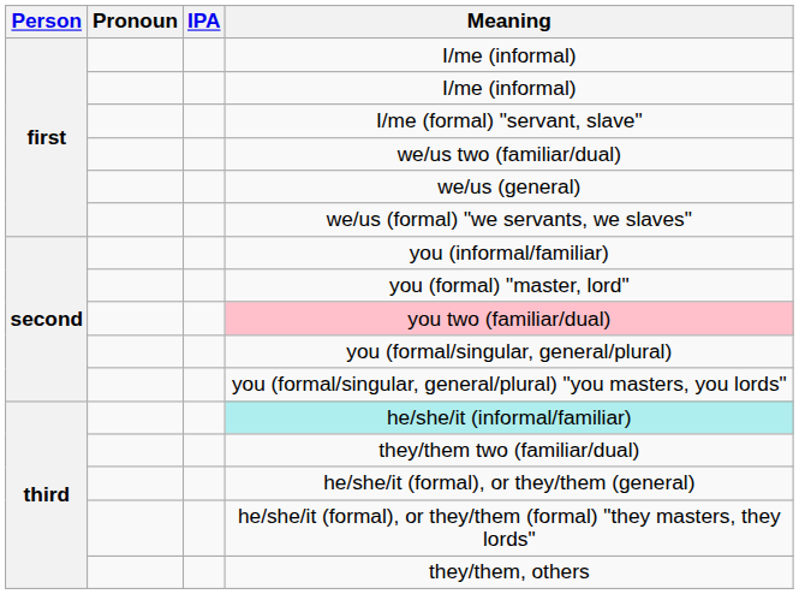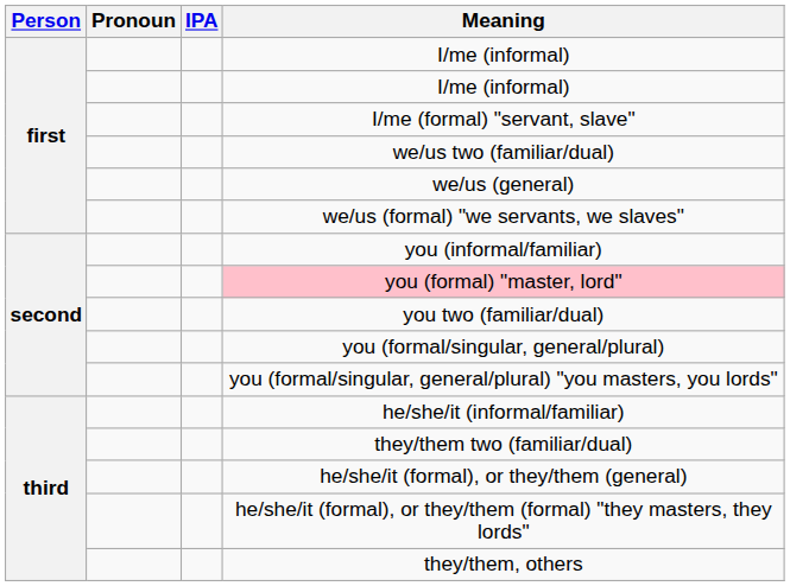 <table class="wikitable" style="text-align: center">
 <tr>
 <th><a href='#'>Person</a></th>
 <th>Pronoun</th>
 <th><a href='#'>IPA</a></th>
 <th>Meaning</th>
 </tr>
 <tr>
 <th rowspan=6>first</th>
 <td></td>
 <td></td>
 <td>I/me (informal)</td>
 </tr>
 <tr>
 <td></td>
 <td></td>
 <td>I/me (informal)</td>
 </tr>
 <tr>
 <td></td>
 <td></td>
 <td>I/me (formal) "servant, slave"</td>
 </tr>
 <tr>
 <td></td>
 <td></td>
 <td>we/us two (familiar/dual)</td>
 </tr>
 <tr>
 <td></td>
 <td></td>
 <td>we/us (general)</td>
 </tr>
 <tr>
 <td></td>
 <td></td>
 <td>we/us (formal)  "we servants, we slaves"</td>
 </tr>
 <tr>
 <th rowspan=5>second</th>
 <td></td>
 <td></td>
 <td>you (informal/familiar)</td>
 </tr>
 <tr>
 <td></td>
 <td></td>
-<td>you (formal) "master, lord"</td>
+<td style="background: pink;">you (formal) "master, lord"</td>
 </tr>
 <tr>
 <td></td>
 <td></td>
-<td style="background: pink;">you two (familiar/dual)</td>
+<td>you two (familiar/dual)</td>
 </tr>
 <tr>
 <td></td>
 <td></td>
 <td>you (formal/singular, general/plural)</td>
 </tr>
 <tr>
 <td></td>
 <td></td>
 <td>you (formal/singular, general/plural) "you masters, you lords"</td>
 </tr>
 <tr>
 <th rowspan=5>third</th>
 <td></td>
 <td></td>
-<td style="background: paleturquoise;">he/she/it (informal/familiar)</td>
+<td>he/she/it (informal/familiar)</td>
 </tr>
 <tr>
 <td></td>
 <td></td>
 <td>they/them two (familiar/dual)</td>
 </tr>
 <tr>
 <td></td>
 <td></td>
 <td>he/she/it (formal), or they/them (general)</td>
 </tr>
 <tr>
 <td></td>
 <td></td>
 <td>he/she/it (formal), or they/them (formal) "they masters, they lords"</td>
 </tr>
 <tr>
 <td></td>
 <td></td>
 <td>they/them, others</td>
 </tr>
 </table>
